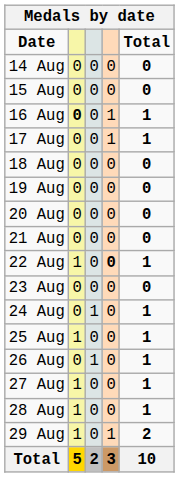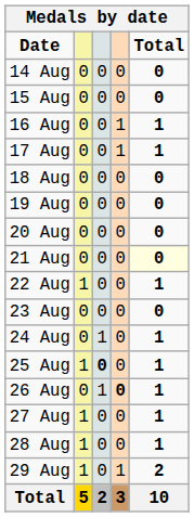 <table class="wikitable" style="font-size:85%; float:right">
 <tr bgcolor="#efefef">
 <th colspan=6>Medals by date</th>
 </tr>
 <tr align=center>
 <td><strong>Date</strong></td>
 <td bgcolor=#f7f6a8></td>
 <td bgcolor=#dce5e5></td>
 <td bgcolor=#ffdab9></td>
 <td><strong>Total</strong></td>
 </tr>
 <tr align=center>
 <td>14 Aug</td>
 <td style="background:#F7F6A8;">0</td>
 <td style="background:#DCE5E5;">0</td>
 <td style="background:#FFDAB9;">0</td>
 <td><strong>0</strong></td>
 </tr>
 <tr align=center>
 <td>15 Aug</td>
 <td style="background:#F7F6A8;">0</td>
 <td style="background:#DCE5E5;">0</td>
 <td style="background:#FFDAB9;">0</td>
 <td><strong>0</strong></td>
 </tr>
 <tr align=center>
 <td>16 Aug</td>
-<td style="background:#F7F6A8;"><strong>0</strong></td>
+<td style="background:#F7F6A8;">0</td>
 <td style="background:#DCE5E5;">0</td>
 <td style="background:#FFDAB9;">1</td>
 <td><strong>1</strong></td>
 </tr>
 <tr align=center>
 <td>17 Aug</td>
 <td style="background:#F7F6A8;">0</td>
 <td style="background:#DCE5E5;">0</td>
 <td style="background:#FFDAB9;">1</td>
 <td><strong>1</strong></td>
 </tr>
 <tr align=center>
 <td>18 Aug</td>
 <td style="background:#F7F6A8;">0</td>
 <td style="background:#DCE5E5;">0</td>
 <td style="background:#FFDAB9;">0</td>
 <td><strong>0</strong></td>
 </tr>
 <tr align=center>
 <td>19 Aug</td>
 <td style="background:#F7F6A8;">0</td>
 <td style="background:#DCE5E5;">0</td>
 <td style="background:#FFDAB9;">0</td>
 <td><strong>0</strong></td>
 </tr>
 <tr align=center>
 <td>20 Aug</td>
 <td style="background:#F7F6A8;">0</td>
 <td style="background:#DCE5E5;">0</td>
 <td style="background:#FFDAB9;">0</td>
 <td><strong>0</strong></td>
 </tr>
 <tr align=center>
 <td>21 Aug</td>
 <td style="background:#F7F6A8;">0</td>
 <td style="background:#DCE5E5;">0</td>
 <td style="background:#FFDAB9;">0</td>
-<td><strong>0</strong></td>
+<td style="background: lightyellow;"><strong>0</strong></td>
 </tr>
 <tr align=center>
 <td>22 Aug</td>
 <td style="background:#F7F6A8;">1</td>
 <td style="background:#DCE5E5;">0</td>
-<td style="background:#FFDAB9;"><strong>0</strong></td>
+<td style="background:#FFDAB9;">0</td>
 <td><strong>1</strong></td>
 </tr>
 <tr align=center>
 <td>23 Aug</td>
 <td style="background:#F7F6A8;">0</td>
 <td style="background:#DCE5E5;">0</td>
 <td style="background:#FFDAB9;">0</td>
 <td><strong>0</strong></td>
 </tr>
 <tr align=center>
 <td>24 Aug</td>
 <td style="background:#F7F6A8;">0</td>
 <td style="background:#DCE5E5;">1</td>
 <td style="background:#FFDAB9;">0</td>
 <td><strong>1</strong></td>
 </tr>
 <tr align=center>
 <td>25 Aug</td>
 <td style="background:#F7F6A8;">1</td>
-<td style="background:#DCE5E5;">0</td>
+<td style="background:#DCE5E5;"><strong>0</strong></td>
 <td style="background:#FFDAB9;">0</td>
 <td><strong>1</strong></td>
 </tr>
 <tr align=center>
 <td>26 Aug</td>
 <td style="background:#F7F6A8;">0</td>
 <td style="background:#DCE5E5;">1</td>
-<td style="background:#FFDAB9;">0</td>
+<td style="background:#FFDAB9;"><strong>0</strong></td>
 <td><strong>1</strong></td>
 </tr>
 <tr align=center>
 <td>27 Aug</td>
 <td style="background:#F7F6A8;">1</td>
 <td style="background:#DCE5E5;">0</td>
 <td style="background:#FFDAB9;">0</td>
 <td><strong>1</strong></td>
 </tr>
 <tr align=center>
 <td>28 Aug</td>
 <td style="background:#F7F6A8;">1</td>
 <td style="background:#DCE5E5;">0</td>
 <td style="background:#FFDAB9;">0</td>
 <td><strong>1</strong></td>
 </tr>
 <tr align=center>
 <td>29 Aug</td>
 <td style="background:#F7F6A8;">1</td>
 <td style="background:#DCE5E5;">0</td>
 <td style="background:#FFDAB9;">1</td>
 <td><strong>2</strong></td>
 </tr>
 <tr align=center>
 <th>Total</th>
 <th style="background:gold;">5</th>
 <th style="background:silver;">2</th>
 <th style="background:#c96;">3</th>
 <th>10</th>
 </tr>
 </table>
